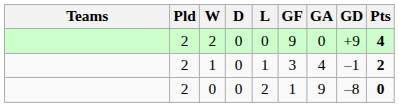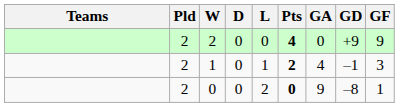 <table class="wikitable" style="text-align: center;">
 <tr>
 <th width=165>Teams</th>
 <th width=20>Pld</th>
 <th width=20>W</th>
 <th width=20>D</th>
 <th width=20>L</th>
-<th width=20>GF</th>
+<th width=20>Pts</th>
 <th width=20>GA</th>
 <th width=20>GD</th>
-<th width=20>Pts</th>
+<th width=20>GF</th>
 </tr>
 <tr align=center style="background:#ccffcc;">
 <td style="text-align:left;"></td>
 <td>2</td>
 <td>2</td>
 <td>0</td>
 <td>0</td>
-<td>9</td>
+<td><strong>4</strong></td>
 <td>0</td>
 <td>+9</td>
-<td><strong>4</strong></td>
+<td>9</td>
 </tr>
 <tr align=center>
 <td style="text-align:left;"></td>
 <td>2</td>
 <td>1</td>
 <td>0</td>
 <td>1</td>
-<td>3</td>
+<td><strong>2</strong></td>
 <td>4</td>
 <td>–1</td>
-<td><strong>2</strong></td>
+<td>3</td>
 </tr>
 <tr align=center>
 <td style="text-align:left;"></td>
 <td>2</td>
 <td>0</td>
 <td>0</td>
 <td>2</td>
-<td>1</td>
+<td><strong>0</strong></td>
 <td>9</td>
 <td>–8</td>
-<td><strong>0</strong></td>
+<td>1</td>
 </tr>
 </table>
